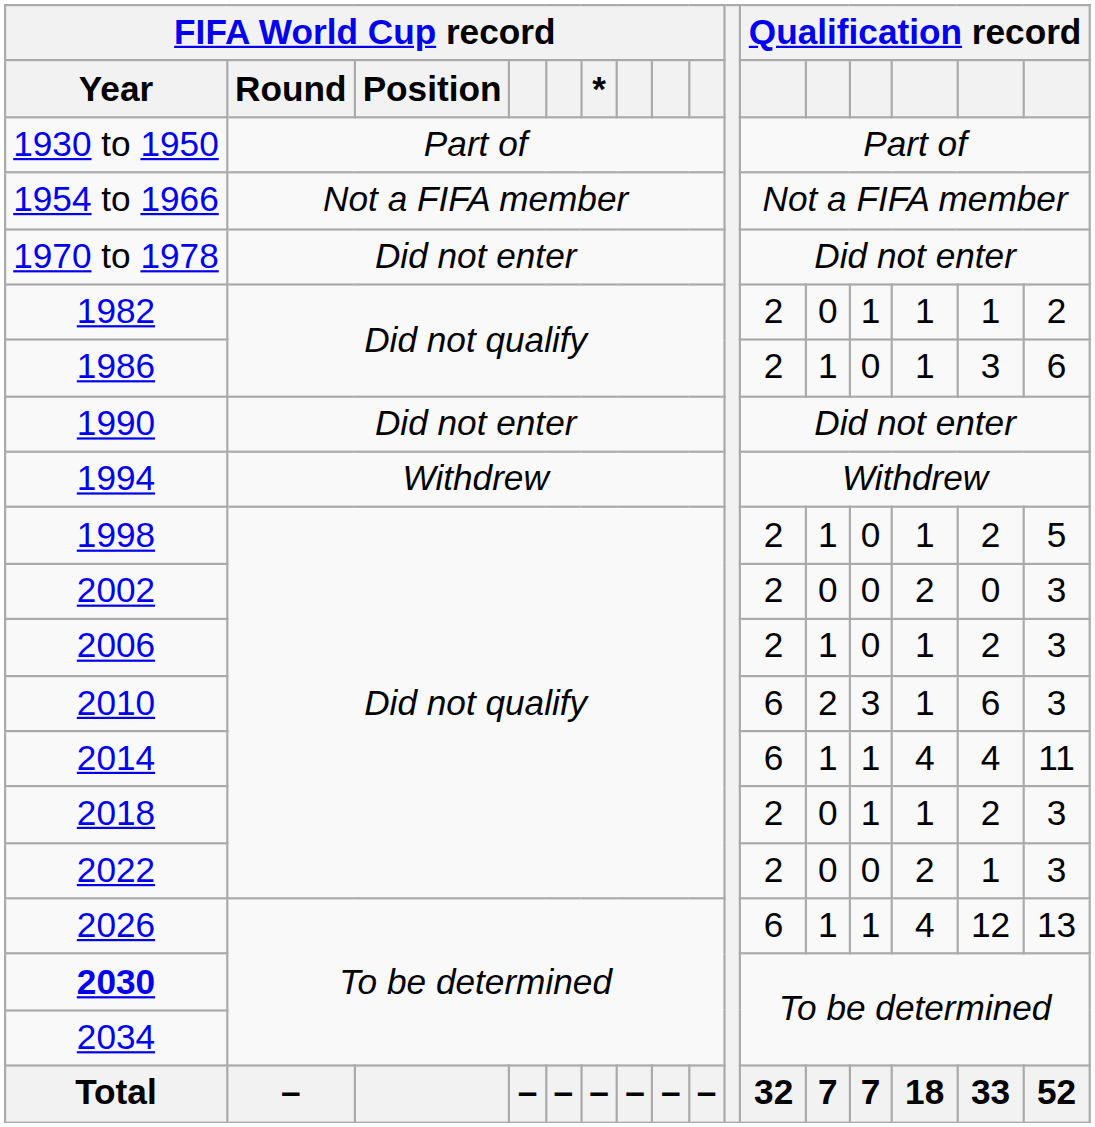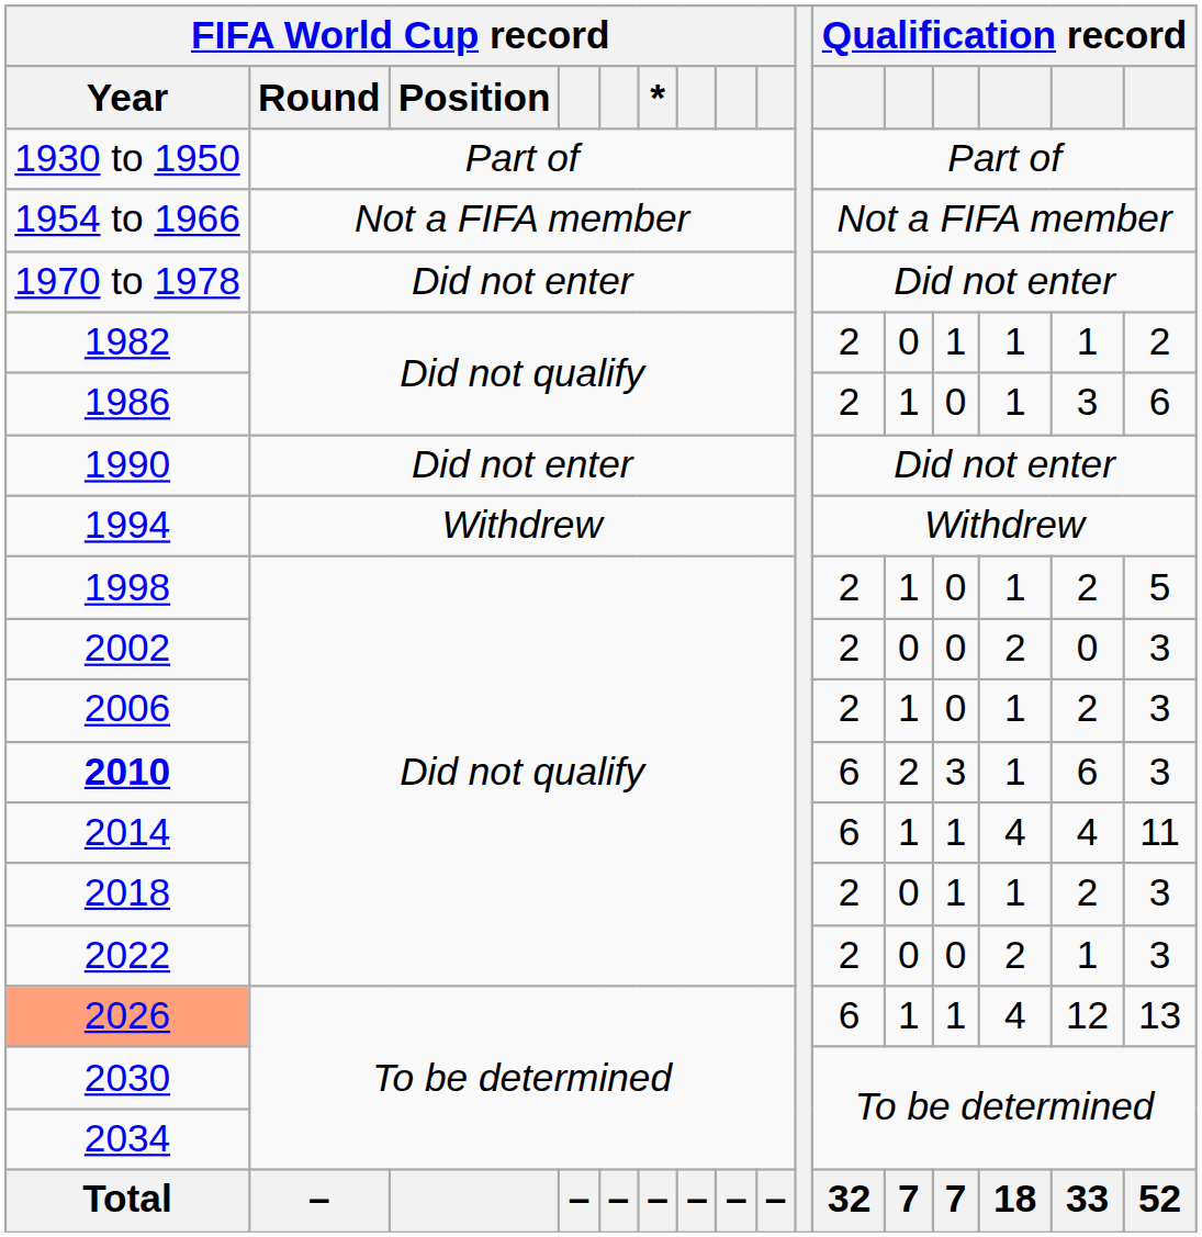 <table class="wikitable" style="text-align: center;">
 <tr>
 <th colspan=9><a href='#'>FIFA World Cup</a> record</th>
 <th rowspan=39></th>
 <th colspan=6><a href='#'>Qualification</a> record</th>
 </tr>
 <tr>
 <th>Year</th>
 <th>Round</th>
 <th>Position</th>
 <th></th>
 <th></th>
 <th>*</th>
 <th></th>
 <th></th>
 <th></th>
 <th></th>
 <th></th>
 <th></th>
 <th></th>
 <th></th>
 <th></th>
 </tr>
 <tr>
 <td><a href='#'>1930</a> to <a href='#'>1950</a></td>
 <td colspan=8><em>Part of </em></td>
 <td colspan=6><em>Part of </em></td>
 </tr>
 <tr>
 <td><a href='#'>1954</a> to <a href='#'>1966</a></td>
 <td colspan=8><em>Not a FIFA member</em></td>
 <td colspan=6><em>Not a FIFA member</em></td>
 </tr>
 <tr>
 <td><a href='#'>1970</a> to <a href='#'>1978</a></td>
 <td colspan=8><em>Did not enter</em></td>
 <td colspan=6><em>Did not enter</em></td>
 </tr>
 <tr>
 <td> <a href='#'>1982</a></td>
 <td rowspan=2 colspan=8><em>Did not qualify</em></td>
 <td>2</td>
 <td>0</td>
 <td>1</td>
 <td>1</td>
 <td>1</td>
 <td>2</td>
 </tr>
 <tr>
 <td> <a href='#'>1986</a></td>
 <td>2</td>
 <td>1</td>
 <td>0</td>
 <td>1</td>
 <td>3</td>
 <td>6</td>
 </tr>
 <tr>
 <td> <a href='#'>1990</a></td>
 <td colspan=8><em>Did not enter</em></td>
 <td colspan=6><em>Did not enter</em></td>
 </tr>
 <tr>
 <td> <a href='#'>1994</a></td>
 <td colspan=8><em>Withdrew</em></td>
 <td colspan=6><em>Withdrew</em></td>
 </tr>
 <tr>
 <td> <a href='#'>1998</a></td>
 <td rowspan=7 colspan=8><em>Did not qualify</em></td>
 <td>2</td>
 <td>1</td>
 <td>0</td>
 <td>1</td>
 <td>2</td>
 <td>5</td>
 </tr>
 <tr>
 <td>  <a href='#'>2002</a></td>
 <td>2</td>
 <td>0</td>
 <td>0</td>
 <td>2</td>
 <td>0</td>
 <td>3</td>
 </tr>
 <tr>
 <td> <a href='#'>2006</a></td>
 <td>2</td>
 <td>1</td>
 <td>0</td>
 <td>1</td>
 <td>2</td>
 <td>3</td>
 </tr>
 <tr>
-<td> <a href='#'>2010</a></td>
+<td><strong> <a href='#'>2010</a></strong></td>
 <td>6</td>
 <td>2</td>
 <td>3</td>
 <td>1</td>
 <td>6</td>
 <td>3</td>
 </tr>
 <tr>
 <td> <a href='#'>2014</a></td>
 <td>6</td>
 <td>1</td>
 <td>1</td>
 <td>4</td>
 <td>4</td>
 <td>11</td>
 </tr>
 <tr>
 <td> <a href='#'>2018</a></td>
 <td>2</td>
 <td>0</td>
 <td>1</td>
 <td>1</td>
 <td>2</td>
 <td>3</td>
 </tr>
 <tr>
 <td> <a href='#'>2022</a></td>
 <td>2</td>
 <td>0</td>
 <td>0</td>
 <td>2</td>
 <td>1</td>
 <td>3</td>
 </tr>
 <tr>
-<td>   <a href='#'>2026</a></td>
+<td style="background: lightsalmon;">   <a href='#'>2026</a></td>
 <td rowspan=3 colspan=8><em>To be determined</em></td>
 <td>6</td>
 <td>1</td>
 <td>1</td>
 <td>4</td>
 <td>12</td>
 <td>13</td>
 </tr>
 <tr>
-<td><strong>   <a href='#'>2030</a></strong></td>
+<td>   <a href='#'>2030</a></td>
 <td rowspan=2 colspan=6><em>To be determined</em></td>
 </tr>
 <tr>
 <td> <a href='#'>2034</a></td>
 </tr>
 <tr>
 <th>Total</th>
 <th>–</th>
 <th></th>
 <th>–</th>
 <th>–</th>
 <th>–</th>
 <th>–</th>
 <th>–</th>
 <th>–</th>
 <th>32</th>
 <th>7</th>
 <th>7</th>
 <th>18</th>
 <th>33</th>
 <th>52</th>
 </tr>
 </table>
